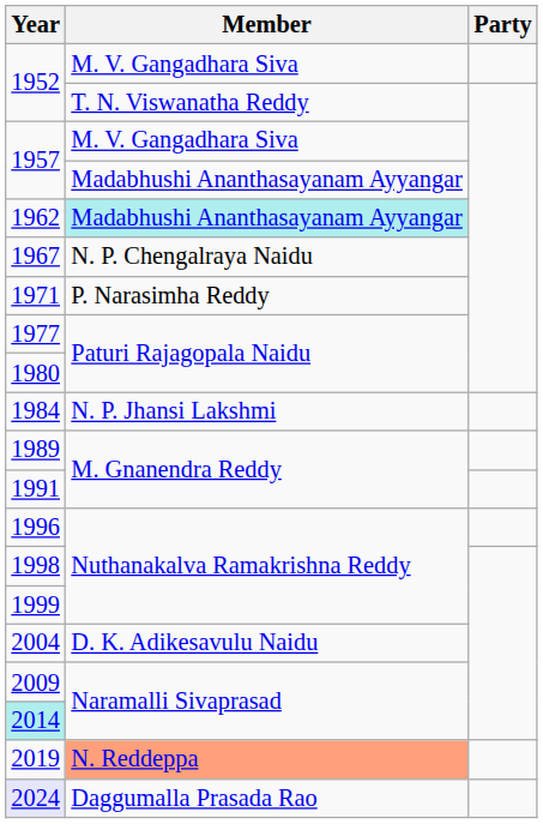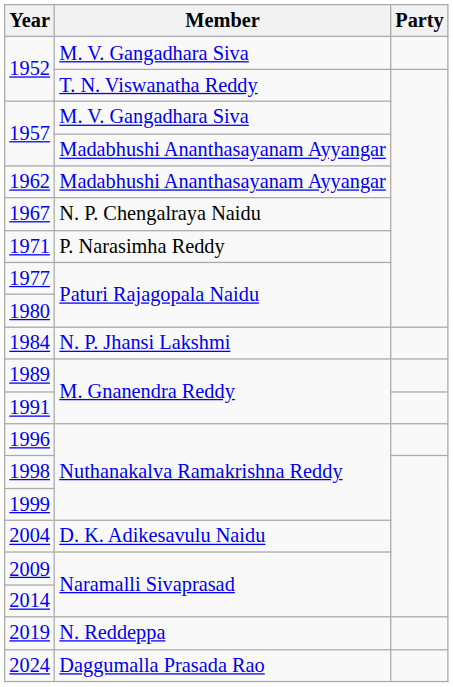 <table class="wikitable sortable">
 <tr>
 <th>Year</th>
 <th>Member</th>
 <th colspan="2">Party</th>
 </tr>
 <tr>
 <td rowspan="2"><a href='#'>1952</a></td>
 <td><a href='#'>M. V. Gangadhara Siva</a></td>
 <td></td>
 </tr>
 <tr>
 <td><a href='#'>T. N. Viswanatha Reddy</a></td>
 </tr>
 <tr>
 <td rowspan="2"><a href='#'>1957</a></td>
 <td><a href='#'>M. V. Gangadhara Siva</a></td>
 </tr>
 <tr>
 <td><a href='#'>Madabhushi Ananthasayanam Ayyangar</a></td>
 </tr>
 <tr>
 <td><a href='#'>1962</a></td>
-<td style="background: paleturquoise;"><a href='#'>Madabhushi Ananthasayanam Ayyangar</a></td>
+<td><a href='#'>Madabhushi Ananthasayanam Ayyangar</a></td>
 </tr>
 <tr>
 <td><a href='#'>1967</a></td>
 <td>N. P. Chengalraya Naidu</td>
 </tr>
 <tr>
 <td><a href='#'>1971</a></td>
 <td>P. Narasimha Reddy</td>
 </tr>
 <tr>
 <td><a href='#'>1977</a></td>
 <td rowspan = 2><a href='#'>Paturi Rajagopala Naidu</a></td>
 </tr>
 <tr>
 <td><a href='#'>1980</a></td>
 </tr>
 <tr>
 <td><a href='#'>1984</a></td>
 <td><a href='#'>N. P. Jhansi Lakshmi</a></td>
 <td></td>
 </tr>
 <tr>
 <td><a href='#'>1989</a></td>
 <td rowspan = 2><a href='#'>M. Gnanendra Reddy</a></td>
 <td></td>
 </tr>
 <tr>
 <td><a href='#'>1991</a></td>
 </tr>
 <tr>
 <td><a href='#'>1996</a></td>
 <td rowspan = 3><a href='#'>Nuthanakalva Ramakrishna Reddy</a></td>
 <td></td>
 </tr>
 <tr>
 <td><a href='#'>1998</a></td>
 </tr>
 <tr>
 <td><a href='#'>1999</a></td>
 </tr>
 <tr>
 <td><a href='#'>2004</a></td>
 <td><a href='#'>D. K. Adikesavulu Naidu</a></td>
 </tr>
 <tr>
 <td><a href='#'>2009</a></td>
 <td rowspan = 2><a href='#'>Naramalli Sivaprasad</a></td>
 </tr>
 <tr>
-<td style="background: paleturquoise;"><a href='#'>2014</a></td>
+<td><a href='#'>2014</a></td>
 </tr>
 <tr>
 <td><a href='#'>2019</a></td>
-<td style="background: lightsalmon;"><a href='#'>N. Reddeppa</a></td>
+<td><a href='#'>N. Reddeppa</a></td>
 <td></td>
 </tr>
 <tr>
-<td style="background: lavender;"><a href='#'>2024</a></td>
+<td><a href='#'>2024</a></td>
 <td><a href='#'>Daggumalla Prasada Rao</a></td>
 <td></td>
 </tr>
 </table>
